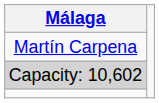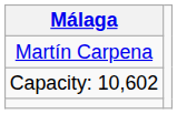 <table class="wikitable" style="margin:1em auto; text-align:center">
 <tr>
 <th><a href='#'>Málaga</a></th>
 <td rowspan="4"></td>
 </tr>
 <tr>
 <td><a href='#'>Martín Carpena</a></td>
 </tr>
 <tr>
-<td style="background: lightgrey;">Capacity: 10,602</td>
+<td>Capacity: 10,602</td>
 </tr>
 <tr>
 <td></td>
 </tr>
 </table>
